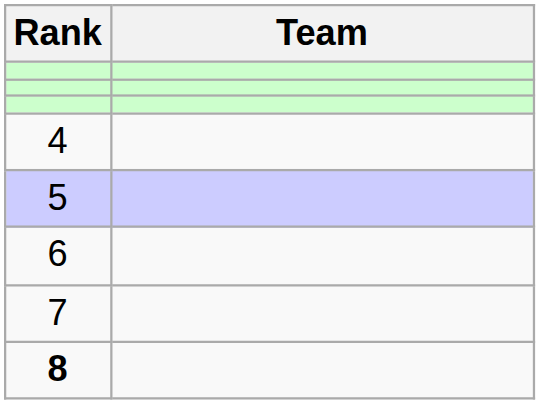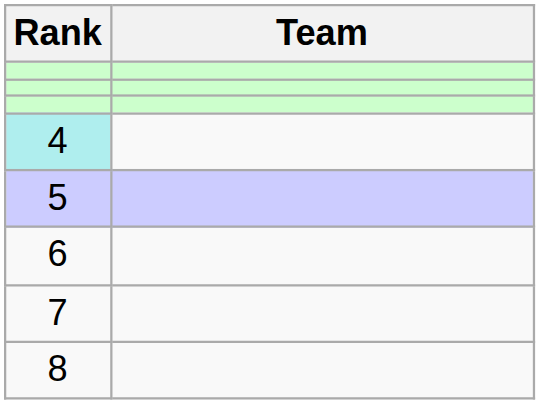 <table class=wikitable style="text-align:center;">
 <tr>
 <th>Rank</th>
 <th width=180>Team</th>
 </tr>
 <tr bgcolor=ccffcc>
 <td></td>
 <td align=left></td>
 </tr>
 <tr bgcolor=ccffcc>
 <td></td>
 <td align=left></td>
 </tr>
 <tr bgcolor=ccffcc>
 <td></td>
 <td align=left></td>
 </tr>
 <tr>
-<td>4</td>
+<td style="background: paleturquoise;">4</td>
 <td align=left></td>
 </tr>
 <tr bgcolor=ccccff>
 <td>5</td>
 <td align=left></td>
 </tr>
 <tr>
 <td>6</td>
 <td align=left></td>
 </tr>
 <tr>
 <td>7</td>
 <td align=left></td>
 </tr>
 <tr>
-<td><strong>8</strong></td>
+<td>8</td>
 <td align=left></td>
 </tr>
 </table>
